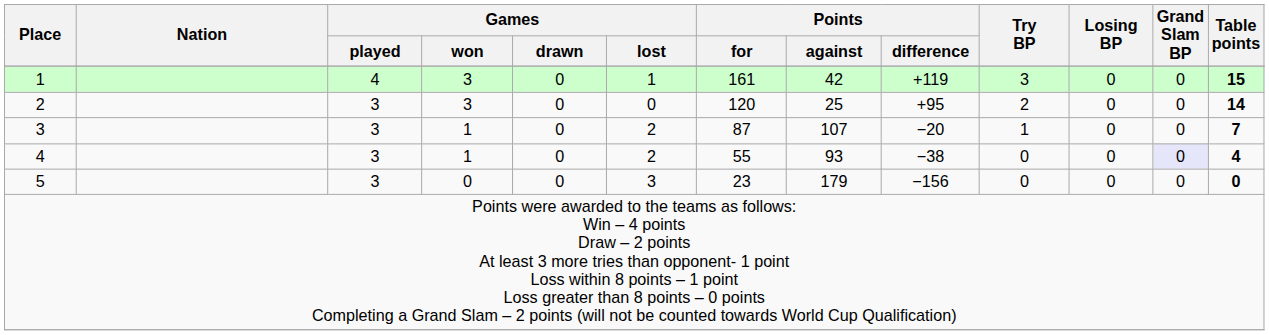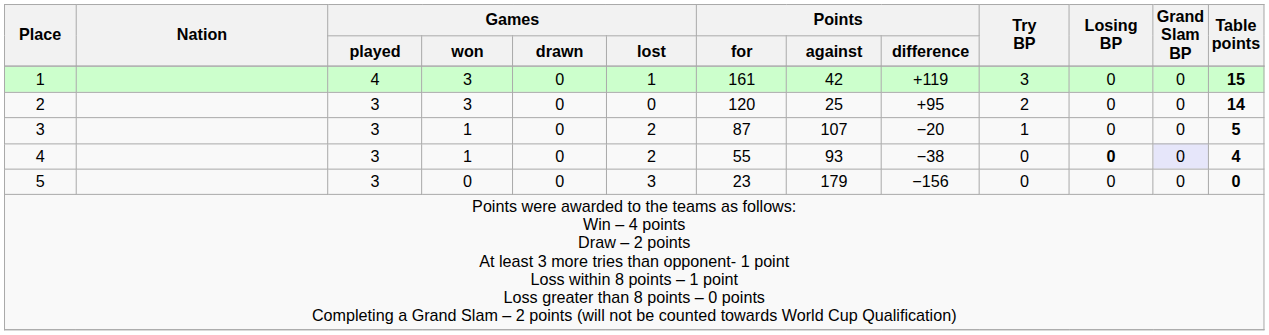 <table class="wikitable">
 <tr>
 <th rowspan=2 width="6%">Place</th>
 <th rowspan=2 width="23%">Nation</th>
 <th colspan=4 width="40%">Games</th>
 <th colspan=3 width="24%">Points</th>
 <th rowspan=2 width="8%">Try<br>BP</th>
 <th rowspan=2 width="8%">Losing<br>BP</th>
 <th rowspan=2 width="8%">Grand Slam<br>BP</th>
 <th rowspan=2 width="10%">Table<br>points</th>
 </tr>
 <tr>
 <th width="8%">played</th>
 <th width="8%">won</th>
 <th width="8%">drawn</th>
 <th width="8%">lost</th>
 <th width="8%">for</th>
 <th width="8%">against</th>
 <th width="8%">difference</th>
 </tr>
 <tr>
 </tr>
 <tr align=center bgcolor=ccffcc>
 <td>1</td>
 <td align=left></td>
 <td>4</td>
 <td>3</td>
 <td>0</td>
 <td>1</td>
 <td>161</td>
 <td>42</td>
 <td>+119</td>
 <td>3</td>
 <td>0</td>
 <td>0</td>
 <td><strong>15</strong></td>
 </tr>
 <tr align=center>
 <td>2</td>
 <td align=left></td>
 <td>3</td>
 <td>3</td>
 <td>0</td>
 <td>0</td>
 <td>120</td>
 <td>25</td>
 <td>+95</td>
 <td>2</td>
 <td>0</td>
 <td>0</td>
 <td><strong>14</strong></td>
 </tr>
 <tr align=center>
 <td>3</td>
 <td align=left></td>
 <td>3</td>
 <td>1</td>
 <td>0</td>
 <td>2</td>
 <td>87</td>
 <td>107</td>
 <td>−20</td>
 <td>1</td>
 <td>0</td>
 <td>0</td>
-<td><strong>7</strong></td>
+<td><strong>5</strong></td>
 </tr>
 <tr align=center>
 <td>4</td>
 <td align=left></td>
 <td>3</td>
 <td>1</td>
 <td>0</td>
 <td>2</td>
 <td>55</td>
 <td>93</td>
 <td>−38</td>
 <td>0</td>
-<td>0</td>
+<td><strong>0</strong></td>
 <td style="background: lavender;">0</td>
 <td><strong>4</strong></td>
 </tr>
 <tr align=center>
 <td>5</td>
 <td align=left></td>
 <td>3</td>
 <td>0</td>
 <td>0</td>
 <td>3</td>
 <td>23</td>
 <td>179</td>
 <td>−156</td>
 <td>0</td>
 <td>0</td>
 <td>0</td>
 <td><strong>0</strong></td>
 </tr>
 <tr>
 <td colspan="100%" style="text-align:center;">Points were awarded to the teams as follows:<br>Win – 4 points<br>Draw – 2 points<br> At least 3 more tries than opponent- 1 point<br> Loss within 8 points – 1 point<br>Loss greater than 8 points – 0 points<br>Completing a Grand Slam – 2 points (will not be counted towards World Cup Qualification)</td>
 </tr>
 <tr>
 </tr>
 </table>
